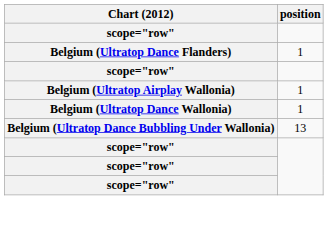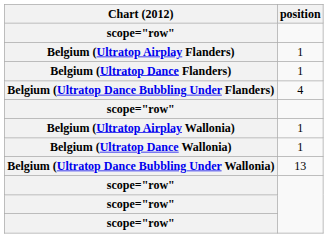 <table class="wikitable sortable plainrowheaders">
 <tr>
 <th scope="col">Chart (2012)</th>
 <th scope="col">position</th>
 </tr>
 <tr>
 <th>scope="row"</th>
 </tr>
 <tr>
+<th scope="row">Belgium (<a href='#'>Ultratop Airplay</a> Flanders)</th>
+<td align="center">1</td>
+</tr>
+<tr>
 <th scope="row">Belgium (<a href='#'>Ultratop Dance</a> Flanders)</th>
 <td align="center">1</td>
+</tr>
+<tr>
+<th scope="row">Belgium (<a href='#'>Ultratop Dance Bubbling Under</a> Flanders)</th>
+<td align="center">4</td>
 </tr>
 <tr>
 <th>scope="row"</th>
 </tr>
 <tr>
 <th scope="row">Belgium (<a href='#'>Ultratop Airplay</a> Wallonia)</th>
 <td align="center">1</td>
 </tr>
 <tr>
 <th scope="row">Belgium (<a href='#'>Ultratop Dance</a> Wallonia)</th>
 <td align="center">1</td>
 </tr>
 <tr>
 <th scope="row">Belgium (<a href='#'>Ultratop Dance Bubbling Under</a> Wallonia)</th>
 <td align="center">13</td>
 </tr>
 <tr>
 <th>scope="row"</th>
 </tr>
 <tr>
 <th>scope="row"</th>
 </tr>
 <tr>
 <th>scope="row"</th>
 </tr>
 </table>
